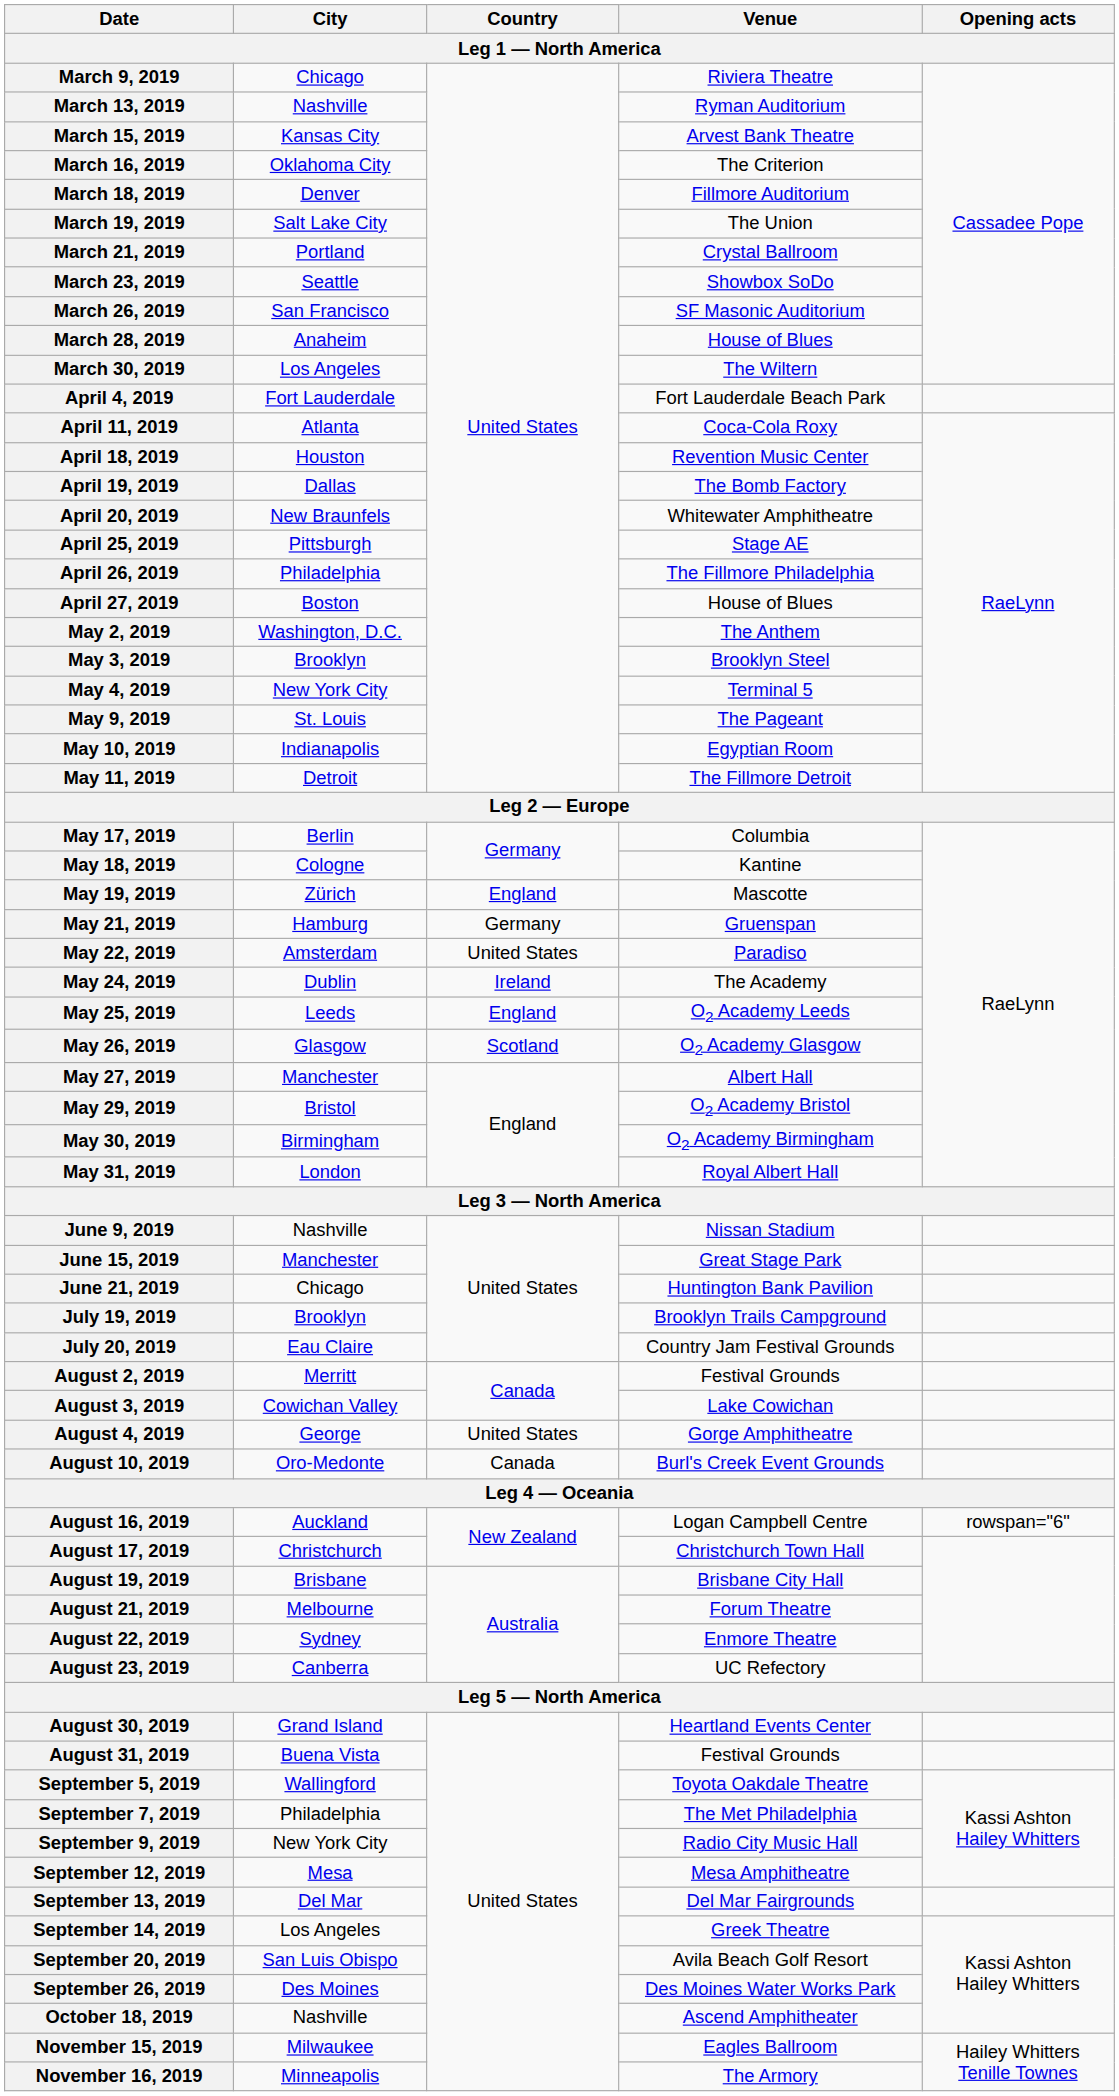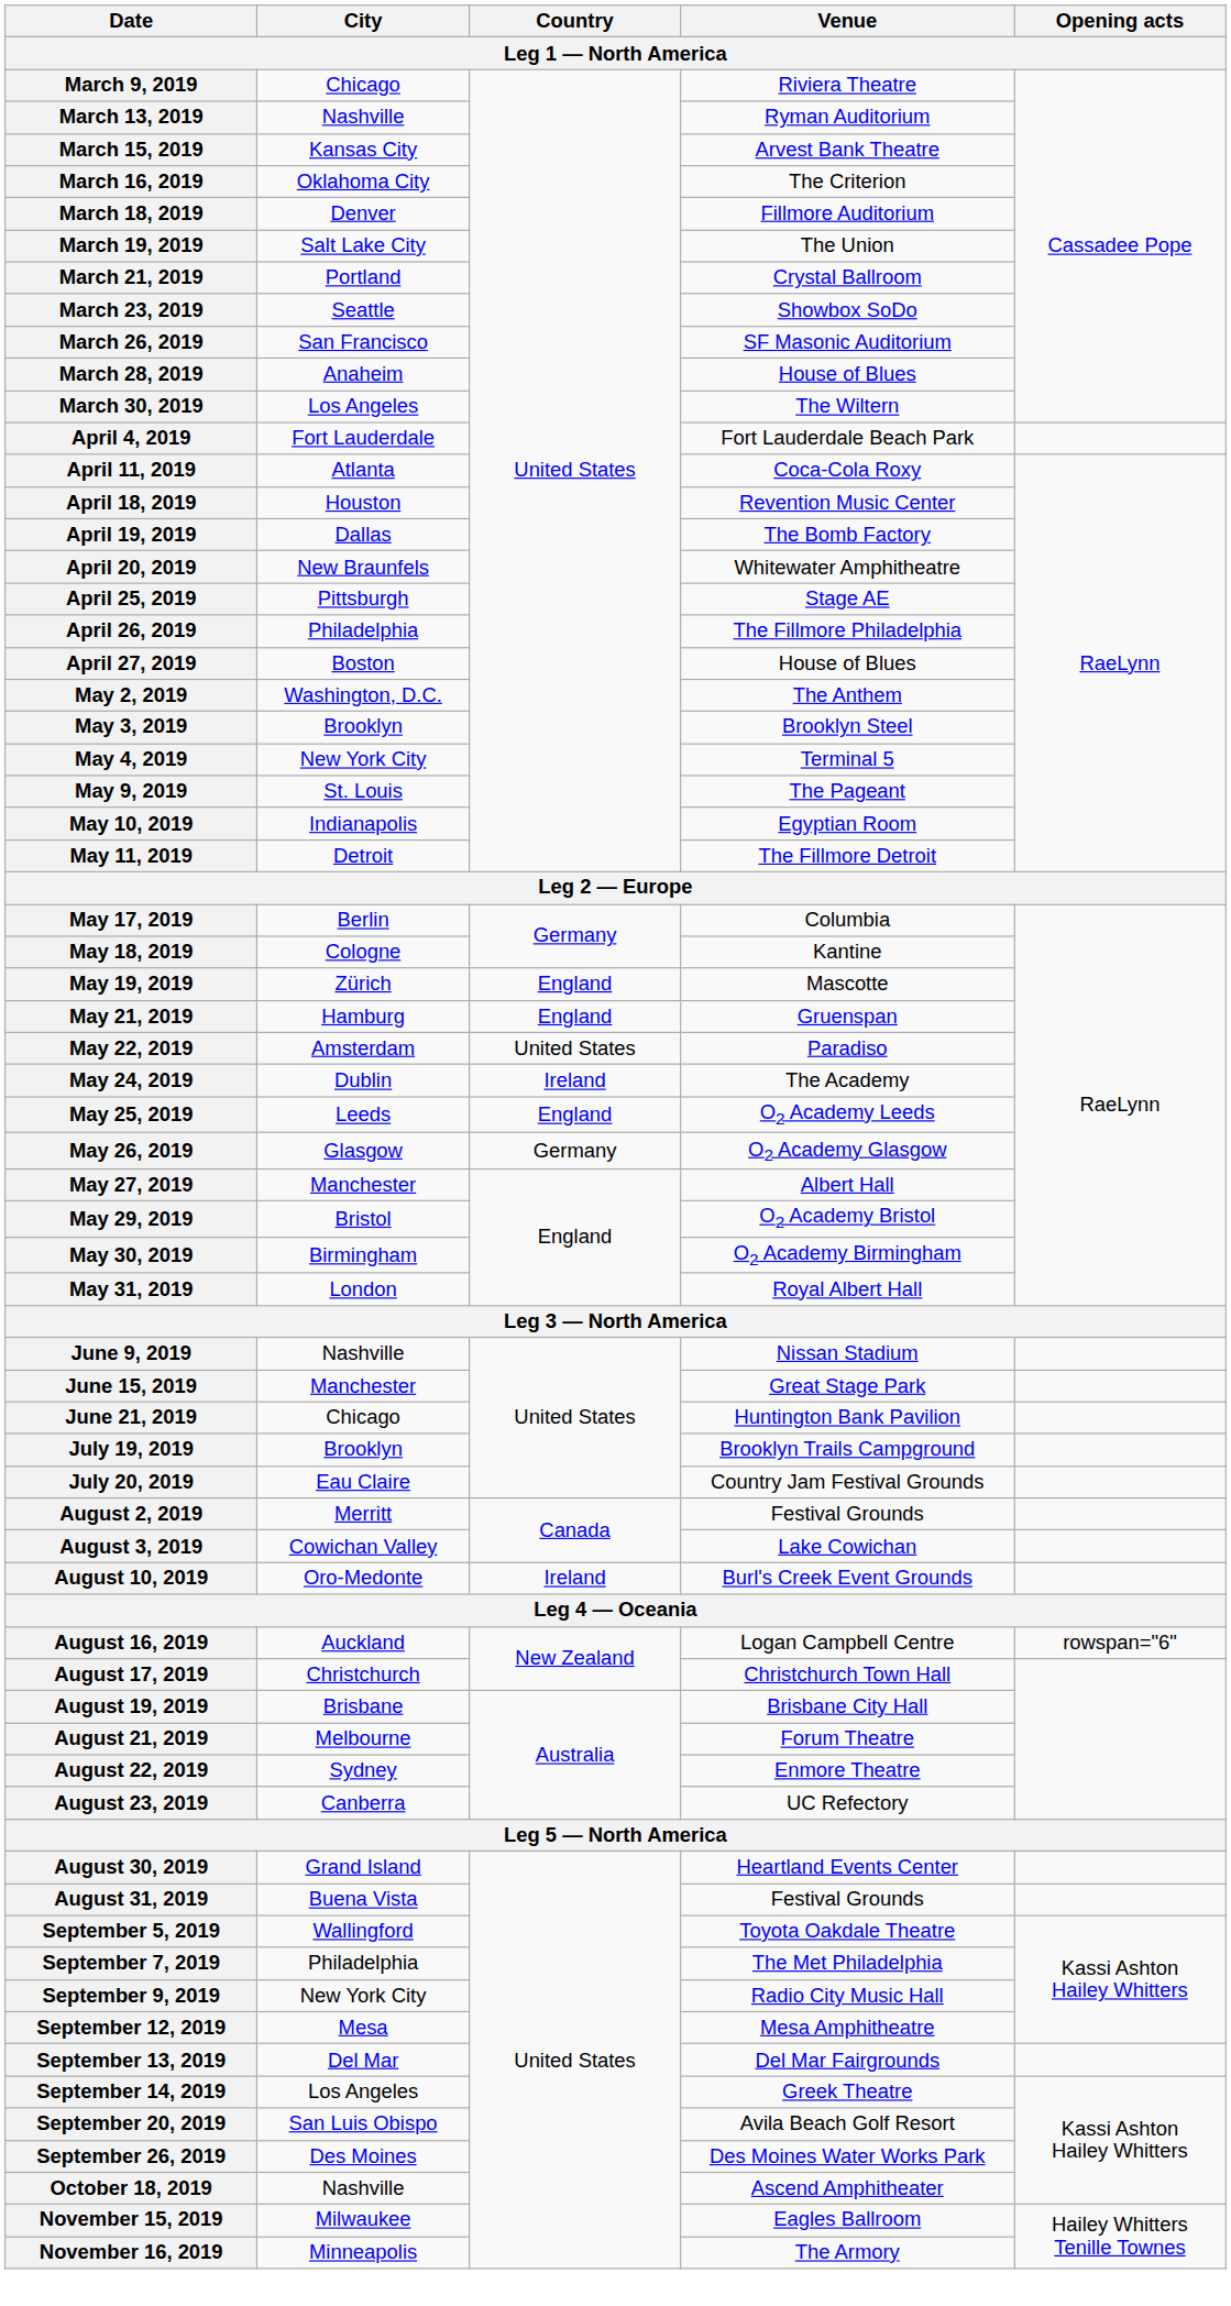 <table class="wikitable plainrowheaders" style="text-align:center;">
 <tr>
 <th scope="col" style="width:12em;">Date</th>
 <th scope="col" style="width:10em;">City</th>
 <th scope="col" style="width:10em;">Country</th>
 <th scope="col" style="width:16em;">Venue</th>
 <th scope="col" style="width:10em;">Opening acts</th>
 </tr>
 <tr>
 <th colspan="5">Leg 1 — North America</th>
 </tr>
 <tr>
 <th scope="row" style="text-align:center;">March 9, 2019</th>
 <td><a href='#'>Chicago</a></td>
 <td rowspan="25"><a href='#'>United States</a></td>
 <td><a href='#'>Riviera Theatre</a></td>
 <td rowspan="11"><a href='#'>Cassadee Pope</a></td>
 </tr>
 <tr>
 <th scope="row" style="text-align:center;">March 13, 2019</th>
 <td><a href='#'>Nashville</a></td>
 <td><a href='#'>Ryman Auditorium</a></td>
 </tr>
 <tr>
 <th scope="row" style="text-align:center;">March 15, 2019</th>
 <td><a href='#'>Kansas City</a></td>
 <td><a href='#'>Arvest Bank Theatre</a></td>
 </tr>
 <tr>
 <th scope="row" style="text-align:center;">March 16, 2019</th>
 <td><a href='#'>Oklahoma City</a></td>
 <td>The Criterion</td>
 </tr>
 <tr>
 <th scope="row" style="text-align:center;">March 18, 2019</th>
 <td><a href='#'>Denver</a></td>
 <td><a href='#'>Fillmore Auditorium</a></td>
 </tr>
 <tr>
 <th scope="row" style="text-align:center;">March 19, 2019</th>
 <td><a href='#'>Salt Lake City</a></td>
 <td>The Union</td>
 </tr>
 <tr>
 <th scope="row" style="text-align:center;">March 21, 2019</th>
 <td><a href='#'>Portland</a></td>
 <td><a href='#'>Crystal Ballroom</a></td>
 </tr>
 <tr>
 <th scope="row" style="text-align:center;">March 23, 2019</th>
 <td><a href='#'>Seattle</a></td>
 <td><a href='#'>Showbox SoDo</a></td>
 </tr>
 <tr>
 <th scope="row" style="text-align:center;">March 26, 2019</th>
 <td><a href='#'>San Francisco</a></td>
 <td><a href='#'>SF Masonic Auditorium</a></td>
 </tr>
 <tr>
 <th scope="row" style="text-align:center;">March 28, 2019</th>
 <td><a href='#'>Anaheim</a></td>
 <td><a href='#'>House of Blues</a></td>
 </tr>
 <tr>
 <th scope="row" style="text-align:center;">March 30, 2019</th>
 <td><a href='#'>Los Angeles</a></td>
 <td><a href='#'>The Wiltern</a></td>
 </tr>
 <tr>
 <th scope="row" style="text-align:center;">April 4, 2019</th>
 <td><a href='#'>Fort Lauderdale</a></td>
 <td>Fort Lauderdale Beach Park</td>
 <td></td>
 </tr>
 <tr>
 <th scope="row" style="text-align:center;">April 11, 2019</th>
 <td><a href='#'>Atlanta</a></td>
 <td><a href='#'>Coca-Cola Roxy</a></td>
 <td rowspan="13"><a href='#'>RaeLynn</a></td>
 </tr>
 <tr>
 <th scope="row" style="text-align:center;">April 18, 2019</th>
 <td><a href='#'>Houston</a></td>
 <td><a href='#'>Revention Music Center</a></td>
 </tr>
 <tr>
 <th scope="row" style="text-align:center;">April 19, 2019</th>
 <td><a href='#'>Dallas</a></td>
 <td><a href='#'>The Bomb Factory</a></td>
 </tr>
 <tr>
 <th scope="row" style="text-align:center;">April 20, 2019</th>
 <td><a href='#'>New Braunfels</a></td>
 <td>Whitewater Amphitheatre</td>
 </tr>
 <tr>
 <th scope="row" style="text-align:center;">April 25, 2019</th>
 <td><a href='#'>Pittsburgh</a></td>
 <td><a href='#'>Stage AE</a></td>
 </tr>
 <tr>
 <th scope="row" style="text-align:center;">April 26, 2019</th>
 <td><a href='#'>Philadelphia</a></td>
 <td><a href='#'>The Fillmore Philadelphia</a></td>
 </tr>
 <tr>
 <th scope="row" style="text-align:center;">April 27, 2019</th>
 <td><a href='#'>Boston</a></td>
 <td>House of Blues</td>
 </tr>
 <tr>
 <th scope="row" style="text-align:center;">May 2, 2019</th>
 <td><a href='#'>Washington, D.C.</a></td>
 <td><a href='#'>The Anthem</a></td>
 </tr>
 <tr>
 <th scope="row" style="text-align:center;">May 3, 2019</th>
 <td><a href='#'>Brooklyn</a></td>
 <td><a href='#'>Brooklyn Steel</a></td>
 </tr>
 <tr>
 <th scope="row" style="text-align:center;">May 4, 2019</th>
 <td><a href='#'>New York City</a></td>
 <td><a href='#'>Terminal 5</a></td>
 </tr>
 <tr>
 <th scope="row" style="text-align:center;">May 9, 2019</th>
 <td><a href='#'>St. Louis</a></td>
 <td><a href='#'>The Pageant</a></td>
 </tr>
 <tr>
 <th scope="row" style="text-align:center;">May 10, 2019</th>
 <td><a href='#'>Indianapolis</a></td>
 <td><a href='#'>Egyptian Room</a></td>
 </tr>
 <tr>
 <th scope="row" style="text-align:center;">May 11, 2019</th>
 <td><a href='#'>Detroit</a></td>
 <td><a href='#'>The Fillmore Detroit</a></td>
 </tr>
 <tr>
 <th colspan="5">Leg 2 — Europe</th>
 </tr>
 <tr>
 <th scope="row" style="text-align:center;">May 17, 2019</th>
 <td><a href='#'>Berlin</a></td>
 <td rowspan="2"><a href='#'>Germany</a></td>
 <td>Columbia</td>
 <td rowspan="12">RaeLynn</td>
 </tr>
 <tr>
 <th scope="row" style="text-align:center;">May 18, 2019</th>
 <td><a href='#'>Cologne</a></td>
 <td>Kantine</td>
 </tr>
 <tr>
 <th scope="row" style="text-align:center;">May 19, 2019</th>
 <td><a href='#'>Zürich</a></td>
 <td><a href='#'>England</a></td>
 <td>Mascotte</td>
 </tr>
 <tr>
 <th scope="row" style="text-align:center;">May 21, 2019</th>
 <td><a href='#'>Hamburg</a></td>
-<td>Germany</td>
+<td><a href='#'>England</a></td>
 <td><a href='#'>Gruenspan</a></td>
 </tr>
 <tr>
 <th scope="row" style="text-align:center;">May 22, 2019</th>
 <td><a href='#'>Amsterdam</a></td>
 <td>United States</td>
 <td><a href='#'>Paradiso</a></td>
 </tr>
 <tr>
 <th scope="row" style="text-align:center;">May 24, 2019</th>
 <td><a href='#'>Dublin</a></td>
 <td><a href='#'>Ireland</a></td>
 <td>The Academy</td>
 </tr>
 <tr>
 <th scope="row" style="text-align:center;">May 25, 2019</th>
 <td><a href='#'>Leeds</a></td>
 <td><a href='#'>England</a></td>
 <td><a href='#'>O<sub>2</sub> Academy Leeds</a></td>
 </tr>
 <tr>
 <th scope="row" style="text-align:center;">May 26, 2019</th>
 <td><a href='#'>Glasgow</a></td>
-<td><a href='#'>Scotland</a></td>
+<td>Germany</td>
 <td><a href='#'>O<sub>2</sub> Academy Glasgow</a></td>
 </tr>
 <tr>
 <th scope="row" style="text-align:center;">May 27, 2019</th>
 <td><a href='#'>Manchester</a></td>
 <td rowspan="4">England</td>
 <td><a href='#'>Albert Hall</a></td>
 </tr>
 <tr>
 <th scope="row" style="text-align:center;">May 29, 2019</th>
 <td><a href='#'>Bristol</a></td>
 <td><a href='#'>O<sub>2</sub> Academy Bristol</a></td>
 </tr>
 <tr>
 <th scope="row" style="text-align:center;">May 30, 2019</th>
 <td><a href='#'>Birmingham</a></td>
 <td><a href='#'>O<sub>2</sub> Academy Birmingham</a></td>
 </tr>
 <tr>
 <th scope="row" style="text-align:center;">May 31, 2019</th>
 <td><a href='#'>London</a></td>
 <td><a href='#'>Royal Albert Hall</a></td>
 </tr>
 <tr>
 <th colspan="5">Leg 3 — North America</th>
 </tr>
 <tr>
 <th scope="row" style="text-align:center;">June 9, 2019</th>
 <td>Nashville</td>
 <td rowspan="5">United States</td>
 <td><a href='#'>Nissan Stadium</a></td>
 <td></td>
 </tr>
 <tr>
 <th scope="row" style="text-align:center;">June 15, 2019</th>
 <td><a href='#'>Manchester</a></td>
 <td><a href='#'>Great Stage Park</a></td>
 <td></td>
 </tr>
 <tr>
 <th scope="row" style="text-align:center;">June 21, 2019</th>
 <td>Chicago</td>
 <td><a href='#'>Huntington Bank Pavilion</a></td>
 <td></td>
 </tr>
 <tr>
 <th scope="row" style="text-align:center;">July 19, 2019</th>
 <td><a href='#'>Brooklyn</a></td>
 <td><a href='#'>Brooklyn Trails Campground</a></td>
 <td></td>
 </tr>
 <tr>
 <th scope="row" style="text-align:center;">July 20, 2019</th>
 <td><a href='#'>Eau Claire</a></td>
 <td>Country Jam Festival Grounds</td>
 <td></td>
 </tr>
 <tr>
 <th scope="row" style="text-align:center;">August 2, 2019</th>
 <td><a href='#'>Merritt</a></td>
 <td rowspan="2"><a href='#'>Canada</a></td>
 <td>Festival Grounds</td>
 <td></td>
 </tr>
 <tr>
 <th scope="row" style="text-align:center;">August 3, 2019</th>
 <td><a href='#'>Cowichan Valley</a></td>
 <td><a href='#'>Lake Cowichan</a></td>
 <td></td>
 </tr>
 <tr>
-<th scope="row" style="text-align:center;">August 4, 2019</th>
-<td><a href='#'>George</a></td>
-<td>United States</td>
-<td><a href='#'>Gorge Amphitheatre</a></td>
-<td></td>
-</tr>
-<tr>
 <th scope="row" style="text-align:center;">August 10, 2019</th>
 <td><a href='#'>Oro-Medonte</a></td>
-<td>Canada</td>
+<td><a href='#'>Ireland</a></td>
 <td><a href='#'>Burl's Creek Event Grounds</a></td>
 <td></td>
 </tr>
 <tr>
 <th colspan="5">Leg 4 — Oceania</th>
 </tr>
 <tr>
 <th scope="row" style="text-align:center;">August 16, 2019</th>
 <td><a href='#'>Auckland</a></td>
 <td rowspan="2"><a href='#'>New Zealand</a></td>
 <td>Logan Campbell Centre</td>
 <td>rowspan="6" </td>
 </tr>
 <tr>
 <th scope="row" style="text-align:center;">August 17, 2019</th>
 <td><a href='#'>Christchurch</a></td>
 <td><a href='#'>Christchurch Town Hall</a></td>
 </tr>
 <tr>
 <th scope="row" style="text-align:center;">August 19, 2019</th>
 <td><a href='#'>Brisbane</a></td>
 <td rowspan="4"><a href='#'>Australia</a></td>
 <td><a href='#'>Brisbane City Hall</a></td>
 </tr>
 <tr>
 <th scope="row" style="text-align:center;">August 21, 2019</th>
 <td><a href='#'>Melbourne</a></td>
 <td><a href='#'>Forum Theatre</a></td>
 </tr>
 <tr>
 <th scope="row" style="text-align:center;">August 22, 2019</th>
 <td><a href='#'>Sydney</a></td>
 <td><a href='#'>Enmore Theatre</a></td>
 </tr>
 <tr>
 <th scope="row" style="text-align:center;">August 23, 2019</th>
 <td><a href='#'>Canberra</a></td>
 <td>UC Refectory</td>
 </tr>
 <tr>
 <th colspan="5">Leg 5 — North America</th>
 </tr>
 <tr>
 <th scope="row" style="text-align:center;">August 30, 2019</th>
 <td><a href='#'>Grand Island</a></td>
 <td rowspan="13">United States</td>
 <td><a href='#'>Heartland Events Center</a></td>
 <td></td>
 </tr>
 <tr>
 <th scope="row" style="text-align:center;">August 31, 2019</th>
 <td><a href='#'>Buena Vista</a></td>
 <td>Festival Grounds</td>
 <td></td>
 </tr>
 <tr>
 <th scope="row" style="text-align:center;">September 5, 2019</th>
 <td><a href='#'>Wallingford</a></td>
 <td><a href='#'>Toyota Oakdale Theatre</a></td>
 <td rowspan="4">Kassi Ashton<br><a href='#'>Hailey Whitters</a></td>
 </tr>
 <tr>
 <th scope="row" style="text-align:center;">September 7, 2019</th>
 <td>Philadelphia</td>
 <td><a href='#'>The Met Philadelphia</a></td>
 </tr>
 <tr>
 <th scope="row" style="text-align:center;">September 9, 2019</th>
 <td>New York City</td>
 <td><a href='#'>Radio City Music Hall</a></td>
 </tr>
 <tr>
 <th scope="row" style="text-align:center;">September 12, 2019</th>
 <td><a href='#'>Mesa</a></td>
 <td><a href='#'>Mesa Amphitheatre</a></td>
 </tr>
 <tr>
 <th scope="row" style="text-align:center;">September 13, 2019</th>
 <td><a href='#'>Del Mar</a></td>
 <td><a href='#'>Del Mar Fairgrounds</a></td>
 <td></td>
 </tr>
 <tr>
 <th scope="row" style="text-align:center;">September 14, 2019</th>
 <td>Los Angeles</td>
 <td><a href='#'>Greek Theatre</a></td>
 <td rowspan="4">Kassi Ashton<br>Hailey Whitters</td>
 </tr>
 <tr>
 <th scope="row" style="text-align:center;">September 20, 2019</th>
 <td><a href='#'>San Luis Obispo</a></td>
 <td>Avila Beach Golf Resort</td>
 </tr>
 <tr>
 <th scope="row" style="text-align:center;">September 26, 2019</th>
 <td><a href='#'>Des Moines</a></td>
 <td><a href='#'>Des Moines Water Works Park</a></td>
 </tr>
 <tr>
 <th scope="row" style="text-align:center;">October 18, 2019</th>
 <td>Nashville</td>
 <td><a href='#'>Ascend Amphitheater</a></td>
 </tr>
 <tr>
 <th scope="row" style="text-align:center;">November 15, 2019</th>
 <td><a href='#'>Milwaukee</a></td>
 <td><a href='#'>Eagles Ballroom</a></td>
 <td rowspan="2">Hailey Whitters<br><a href='#'>Tenille Townes</a></td>
 </tr>
 <tr>
 <th scope="row" style="text-align:center;">November 16, 2019</th>
 <td><a href='#'>Minneapolis</a></td>
 <td><a href='#'>The Armory</a></td>
 </tr>
 </table>
